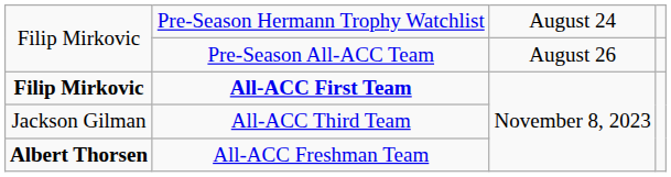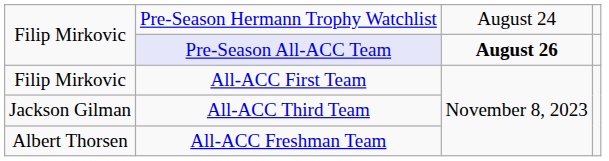 <table class="wikitable sortable" style="text-align: center">
 <tr>
 <td rowspan=2>Filip Mirkovic</td>
 <td><a href='#'>Pre-Season Hermann Trophy Watchlist</a></td>
 <td>August 24</td>
 <td></td>
 </tr>
 <tr>
-<td><a href='#'>Pre-Season All-ACC Team</a></td>
-<td>August 26</td>
+<td style="background: lavender;"><a href='#'>Pre-Season All-ACC Team</a></td>
+<td><strong>August 26</strong></td>
 <td></td>
 </tr>
 <tr>
-<td><strong>Filip Mirkovic</strong></td>
-<td><strong><a href='#'>All-ACC First Team</a></strong></td>
+<td>Filip Mirkovic</td>
+<td><a href='#'>All-ACC First Team</a></td>
 <td rowspan=3>November 8, 2023</td>
 <td rowspan=3></td>
 </tr>
 <tr>
 <td>Jackson Gilman</td>
 <td><a href='#'>All-ACC Third Team</a></td>
 </tr>
 <tr>
-<td><strong>Albert Thorsen</strong></td>
+<td>Albert Thorsen</td>
 <td><a href='#'>All-ACC Freshman Team</a></td>
 </tr>
 </table>
